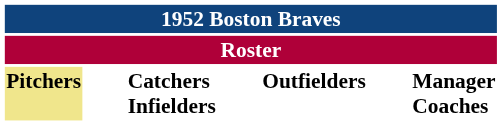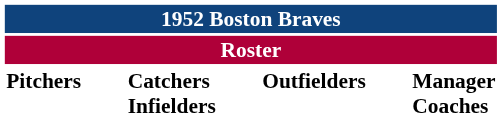 <table class="toccolours" style="font-size: 95%;">
 <tr>
 <th colspan="10" style="background-color: #0f437c; color: white; text-align: center;">1952 Boston Braves</th>
 </tr>
 <tr>
 <td colspan="10" style="background-color: #af0039; color: white; text-align: center;"><strong>Roster</strong></td>
 </tr>
 <tr>
-<td valign="top" style="background: khaki;"><strong>Pitchers</strong><br>             </td>
+<td valign="top"><strong>Pitchers</strong><br>             </td>
 <td width="25px"></td>
 <td valign="top"><strong>Catchers</strong><br>   <strong>Infielders</strong>           </td>
 <td width="25px"></td>
 <td valign="top"><strong>Outfielders</strong><br>     </td>
 <td width="25px"></td>
 <td valign="top"><strong>Manager</strong><br>  <strong>Coaches</strong>   </td>
 </tr>
 </table>
